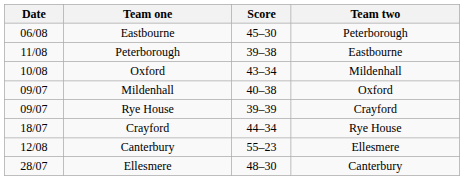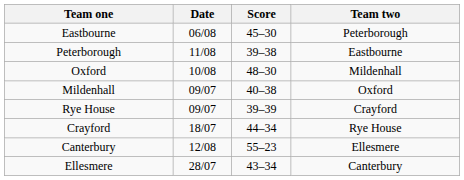 <table class="wikitable" style="text-align: center">
 <tr>
+<th width=250>Team one</th>
 <th width=80>Date</th>
-<th width=250>Team one</th>
 <th width=80>Score</th>
 <th width=250>Team two</th>
 </tr>
 <tr>
+<td>Eastbourne</td>
 <td>06/08</td>
-<td>Eastbourne</td>
 <td>45–30</td>
 <td>Peterborough</td>
 </tr>
 <tr>
+<td>Peterborough</td>
 <td>11/08</td>
-<td>Peterborough</td>
 <td>39–38</td>
 <td>Eastbourne</td>
 </tr>
 <tr>
+<td>Oxford</td>
 <td>10/08</td>
-<td>Oxford</td>
-<td>43–34</td>
+<td>48–30</td>
 <td>Mildenhall</td>
 </tr>
 <tr>
+<td>Mildenhall</td>
 <td>09/07</td>
-<td>Mildenhall</td>
 <td>40–38</td>
 <td>Oxford</td>
 </tr>
 <tr>
+<td>Rye House</td>
 <td>09/07</td>
-<td>Rye House</td>
 <td>39–39</td>
 <td>Crayford</td>
 </tr>
 <tr>
+<td>Crayford</td>
 <td>18/07</td>
-<td>Crayford</td>
 <td>44–34</td>
 <td>Rye House</td>
 </tr>
 <tr>
+<td>Canterbury</td>
 <td>12/08</td>
-<td>Canterbury</td>
 <td>55–23</td>
 <td>Ellesmere</td>
 </tr>
 <tr>
+<td>Ellesmere</td>
 <td>28/07</td>
-<td>Ellesmere</td>
-<td>48–30</td>
+<td>43–34</td>
 <td>Canterbury</td>
 </tr>
 </table>
